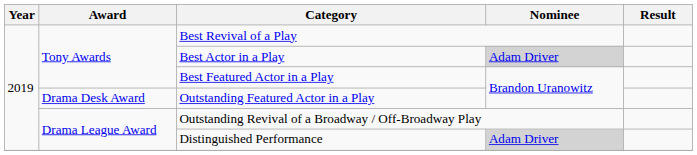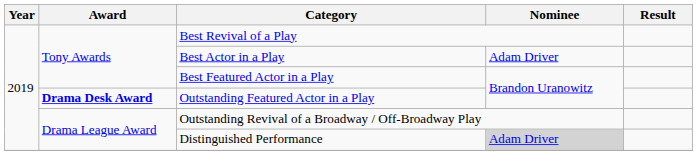 <table class="wikitable" style="width:95%;">
 <tr>
 <th style="width:5%;">Year</th>
 <th style="width:20%;">Award</th>
 <th style="width:45%;">Category</th>
 <th style="width:20%;">Nominee</th>
 <th style="width:10%;">Result</th>
 </tr>
 <tr>
 <td rowspan="6">2019</td>
 <td rowspan=3><a href='#'>Tony Awards</a></td>
 <td colspan=2><a href='#'>Best Revival of a Play</a></td>
 <td></td>
 </tr>
 <tr>
 <td><a href='#'>Best Actor in a Play</a></td>
-<td style="background: lightgrey;"><a href='#'>Adam Driver</a></td>
+<td><a href='#'>Adam Driver</a></td>
 <td></td>
 </tr>
 <tr>
 <td><a href='#'>Best Featured Actor in a Play</a></td>
 <td rowspan=2><a href='#'>Brandon Uranowitz</a></td>
 <td></td>
 </tr>
 <tr>
-<td><a href='#'>Drama Desk Award</a></td>
+<td><strong><a href='#'>Drama Desk Award</a></strong></td>
 <td><a href='#'>Outstanding Featured Actor in a Play</a></td>
 <td></td>
 </tr>
 <tr>
 <td rowspan=2><a href='#'>Drama League Award</a></td>
 <td colspan=2>Outstanding Revival of a Broadway / Off-Broadway Play</td>
 <td></td>
 </tr>
 <tr>
 <td>Distinguished Performance</td>
 <td style="background: lightgrey;"><a href='#'>Adam Driver</a></td>
 <td></td>
 </tr>
 <tr>
 </tr>
 </table>
